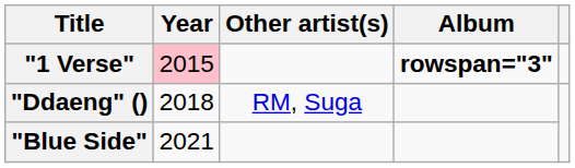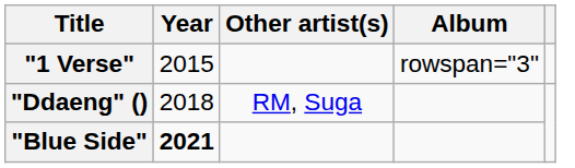 <table class="wikitable plainrowheaders" style="text-align:center;">
 <tr>
 <th scope="col">Title</th>
 <th scope="col">Year</th>
 <th scope="col">Other artist(s)</th>
 <th scope="col">Album</th>
 <th scope="col"></th>
 </tr>
 <tr>
 <th scope="row">"1 Verse"</th>
-<td style="background: pink;">2015</td>
+<td>2015</td>
 <td></td>
-<td><strong>rowspan="3" </strong></td>
+<td>rowspan="3" </td>
 <td></td>
 </tr>
 <tr>
 <th scope="row">"Ddaeng" ()</th>
 <td>2018</td>
 <td><a href='#'>RM</a>, <a href='#'>Suga</a></td>
 <td></td>
 </tr>
 <tr>
 <th scope="row">"Blue Side"</th>
-<td>2021</td>
+<td><strong>2021</strong></td>
 <td></td>
 <td></td>
 </tr>
 </table>
